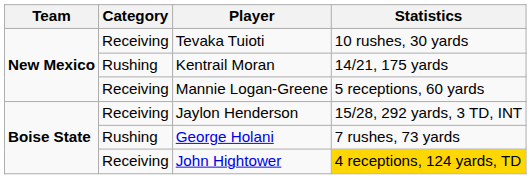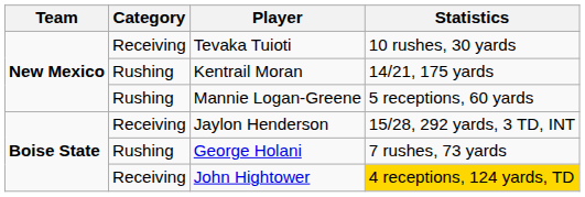 <table class="wikitable" style="float: left;">
 <tr>
 <th>Team</th>
 <th>Category</th>
 <th>Player</th>
 <th>Statistics</th>
 </tr>
 <tr>
 <td rowspan=3><strong>New Mexico</strong></td>
 <td>Receiving</td>
 <td>Tevaka Tuioti</td>
 <td>10 rushes, 30 yards</td>
 </tr>
 <tr>
 <td>Rushing</td>
 <td>Kentrail Moran</td>
 <td>14/21, 175 yards</td>
 </tr>
 <tr>
-<td>Receiving</td>
+<td>Rushing</td>
 <td>Mannie Logan-Greene</td>
 <td>5 receptions, 60 yards</td>
 </tr>
 <tr>
 <td rowspan=3><strong>Boise State</strong></td>
 <td>Receiving</td>
 <td>Jaylon Henderson</td>
 <td>15/28, 292 yards, 3 TD, INT</td>
 </tr>
 <tr>
 <td>Rushing</td>
 <td><a href='#'>George Holani</a></td>
 <td>7 rushes, 73 yards</td>
 </tr>
 <tr>
 <td>Receiving</td>
 <td><a href='#'>John Hightower</a></td>
 <td style="background: gold;">4 receptions, 124 yards, TD</td>
 </tr>
 </table>
